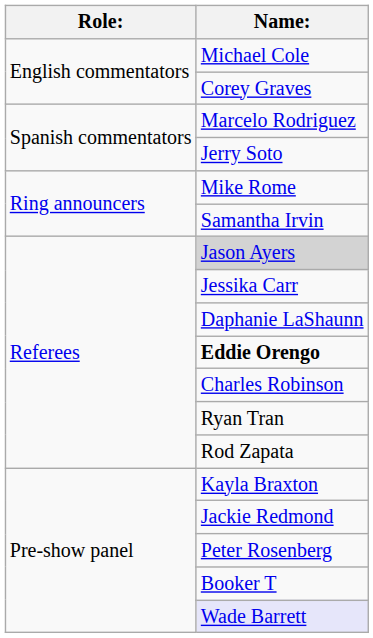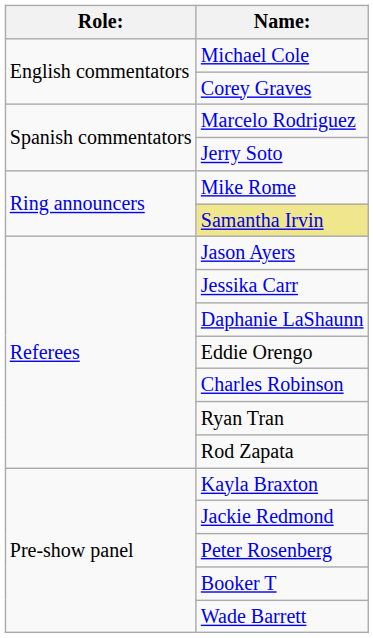 <table class=wikitable style="font-size:90%; margin: 0.5em 0 0.5em 1em; float: right; clear: right;">
 <tr>
 <th>Role:</th>
 <th>Name:</th>
 </tr>
 <tr>
 <td rowspan=2>English commentators</td>
 <td><a href='#'>Michael Cole</a></td>
 </tr>
 <tr>
 <td><a href='#'>Corey Graves</a></td>
 </tr>
 <tr>
 <td rowspan=2>Spanish commentators</td>
 <td><a href='#'>Marcelo Rodriguez</a></td>
 </tr>
 <tr>
 <td><a href='#'>Jerry Soto</a></td>
 </tr>
 <tr>
 <td rowspan=2><a href='#'>Ring announcers</a></td>
 <td><a href='#'>Mike Rome</a> </td>
 </tr>
 <tr>
-<td><a href='#'>Samantha Irvin</a> </td>
+<td style="background: khaki;"><a href='#'>Samantha Irvin</a> </td>
 </tr>
 <tr>
 <td rowspan=7><a href='#'>Referees</a></td>
-<td style="background: lightgrey;"><a href='#'>Jason Ayers</a></td>
+<td><a href='#'>Jason Ayers</a></td>
 </tr>
 <tr>
 <td><a href='#'>Jessika Carr</a></td>
 </tr>
 <tr>
 <td><a href='#'>Daphanie LaShaunn</a></td>
 </tr>
 <tr>
-<td><strong>Eddie Orengo</strong></td>
+<td>Eddie Orengo</td>
 </tr>
 <tr>
 <td><a href='#'>Charles Robinson</a></td>
 </tr>
 <tr>
 <td>Ryan Tran</td>
 </tr>
 <tr>
 <td>Rod Zapata</td>
 </tr>
 <tr>
 <td rowspan="5">Pre-show panel</td>
 <td><a href='#'>Kayla Braxton</a></td>
 </tr>
 <tr>
 <td><a href='#'>Jackie Redmond</a></td>
 </tr>
 <tr>
 <td><a href='#'>Peter Rosenberg</a></td>
 </tr>
 <tr>
 <td><a href='#'>Booker T</a></td>
 </tr>
 <tr>
-<td style="background: lavender;"><a href='#'>Wade Barrett</a></td>
+<td><a href='#'>Wade Barrett</a></td>
 </tr>
 </table>
